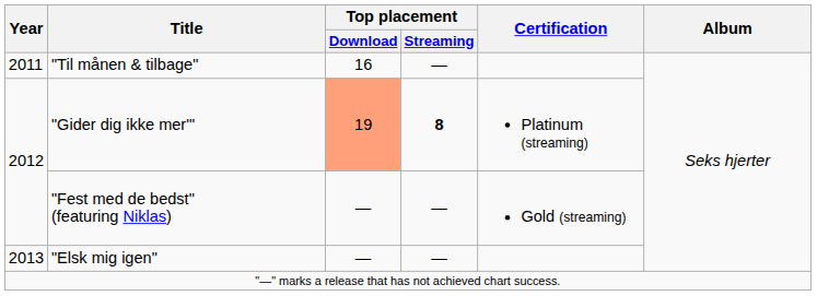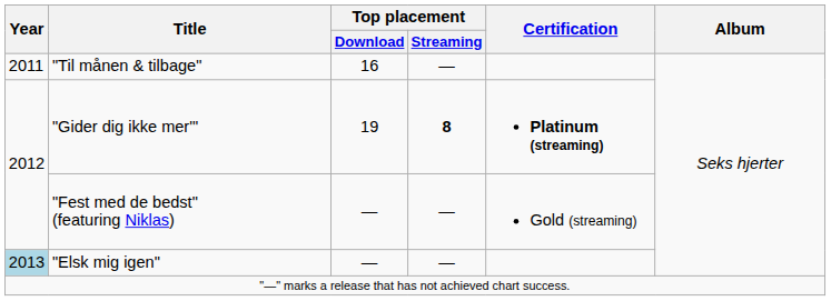 <table class="wikitable plainrowheaders" style="text-align:left;" border="1">
 <tr>
 <th scope="col" rowspan="2">Year</th>
 <th scope="col" rowspan="2" style="width:17em;">Title</th>
 <th scope="col" colspan="2">Top placement</th>
 <th scope="col" rowspan="2" style="width:10em;"><a href='#'>Certification</a></th>
 <th scope="col" rowspan="2" style="width:10em;">Album</th>
 </tr>
 <tr>
 <th scope="col" style="width:3em;font-size:90%;"><a href='#'>Download</a><br></th>
 <th scope="col" style="width:3em;font-size:90%;"><a href='#'>Streaming</a><br></th>
 </tr>
 <tr>
 <td>2011</td>
 <td>"Til månen & tilbage"</td>
 <td style="text-align:center;">16</td>
 <td style="text-align:center;">—</td>
 <td></td>
 <td rowspan="4" style="text-align:center;"><em>Seks hjerter</em></td>
 </tr>
 <tr>
 <td rowspan="2">2012</td>
 <td>"Gider dig ikke mer'"</td>
-<td style="background: lightsalmon; text-align:center;">19</td>
+<td style="text-align:center;">19</td>
 <td style="text-align:center;"><strong>8</strong></td>
-<td><br><ul><li>Platinum <small>(streaming)</small></li></ul></td>
+<td><strong><br><ul><li>Platinum <small>(streaming)</small></li></ul></strong></td>
 </tr>
 <tr>
 <td>"Fest med de bedst"<br><span>(featuring <a href='#'>Niklas</a>)</span></td>
 <td style="text-align:center;">—</td>
 <td style="text-align:center;">—</td>
 <td><br><ul><li>Gold <small>(streaming)</small></li></ul></td>
 </tr>
 <tr>
-<td>2013</td>
+<td style="background: lightblue;">2013</td>
 <td>"Elsk mig igen"</td>
 <td style="text-align:center;">—</td>
 <td style="text-align:center;">—</td>
 <td></td>
 </tr>
 <tr>
 <td colspan="6" style="font-size:9pt;text-align:center;">"—" marks a release that has not achieved chart success.</td>
 </tr>
 </table>
